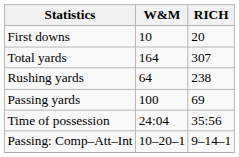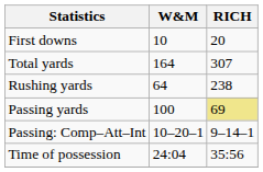 <table class="wikitable" style="float: left;">
 <tr>
 <th>Statistics</th>
 <th>W&M</th>
 <th>RICH</th>
 </tr>
 <tr>
 <td>First downs</td>
 <td>10</td>
 <td>20</td>
 </tr>
 <tr>
 <td>Total yards</td>
 <td>164</td>
 <td>307</td>
 </tr>
 <tr>
 <td>Rushing yards</td>
 <td>64</td>
 <td>238</td>
 </tr>
 <tr>
 <td>Passing yards</td>
 <td>100</td>
-<td>69</td>
+<td style="background: khaki;">69</td>
+</tr>
+<tr>
+<td>Passing: Comp–Att–Int</td>
+<td>10–20–1</td>
+<td>9–14–1</td>
 </tr>
 <tr>
 <td>Time of possession</td>
 <td>24:04</td>
 <td>35:56</td>
 </tr>
 <tr>
-<td>Passing: Comp–Att–Int</td>
-<td>10–20–1</td>
-<td>9–14–1</td>
-</tr>
-<tr>
 </tr>
 </table>
